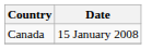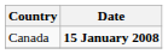 <table class="wikitable">
 <tr>
 <th>Country</th>
 <th>Date</th>
 </tr>
 <tr>
 <td>Canada</td>
-<td>15 January 2008</td>
+<td><strong>15 January 2008</strong></td>
 </tr>
 <tr>
 </tr>
 </table>
